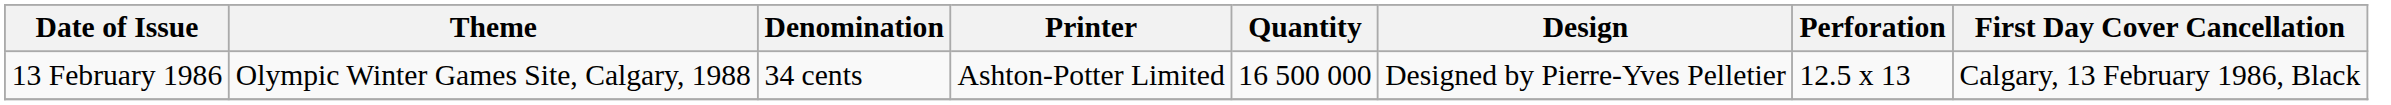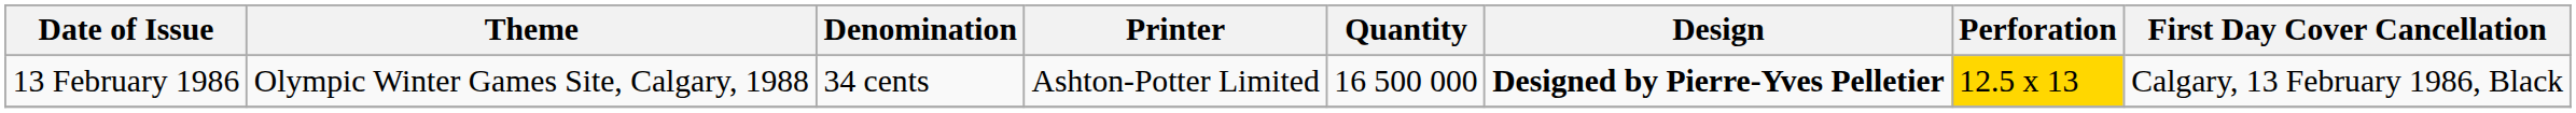 <table class="wikitable sortable">
 <tr>
 <th>Date of Issue</th>
 <th>Theme</th>
 <th>Denomination</th>
 <th>Printer</th>
 <th>Quantity</th>
 <th>Design</th>
 <th>Perforation</th>
 <th>First Day Cover Cancellation</th>
 </tr>
 <tr>
 <td>13 February 1986</td>
 <td>Olympic Winter Games Site, Calgary, 1988</td>
 <td>34 cents</td>
 <td>Ashton-Potter Limited</td>
 <td>16 500 000</td>
-<td>Designed by Pierre-Yves Pelletier</td>
-<td>12.5 x 13</td>
+<td><strong>Designed by Pierre-Yves Pelletier</strong></td>
+<td style="background: gold;">12.5 x 13</td>
 <td>Calgary, 13 February 1986, Black</td>
 </tr>
 <tr>
 </tr>
 </table>
